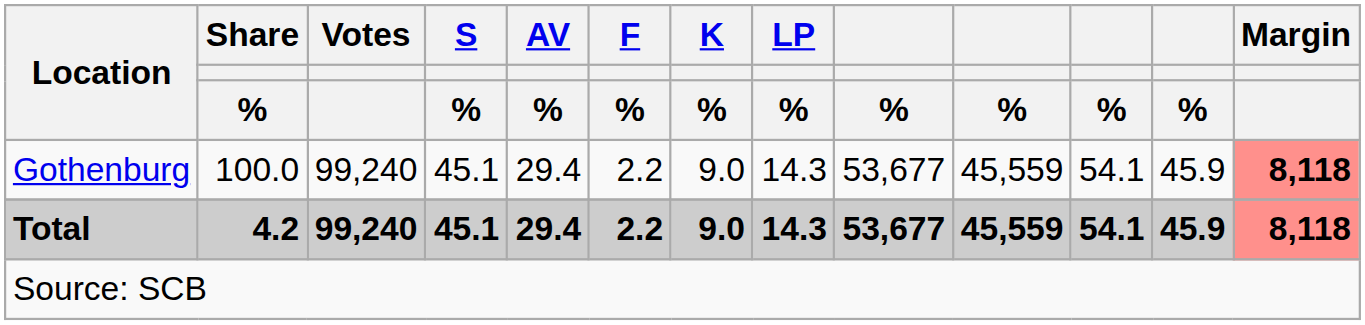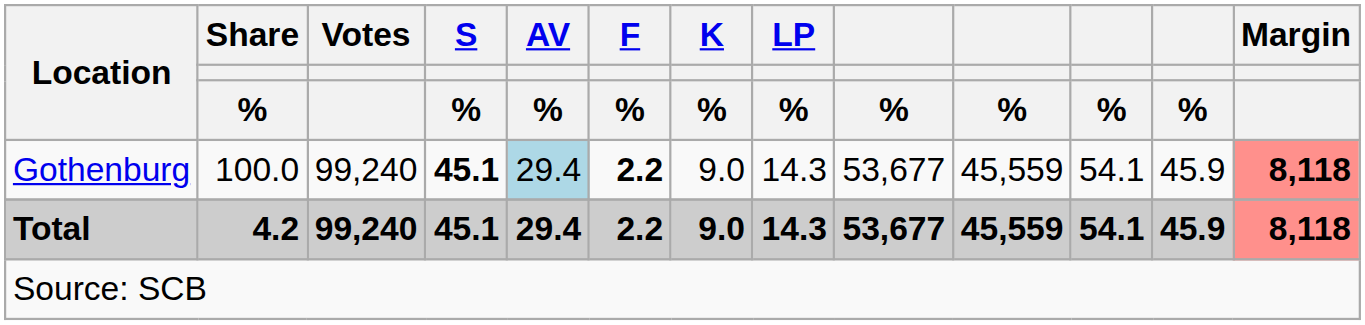 <table class="wikitable sortable" style="text-align:right; font-size:95%; line-height:20px;">
 <tr>
 <th rowspan="3">Location</th>
 <th>Share</th>
 <th>Votes</th>
 <th width="30px" class="unsortable"><a href='#'>S</a></th>
 <th width="30px" class="unsortable"><a href='#'>AV</a></th>
 <th width="30px" class="unsortable"><a href='#'>F</a></th>
 <th width="30px" class="unsortable"><a href='#'>K</a></th>
 <th width="30px" class="unsortable"><a href='#'>LP</a></th>
 <th></th>
 <th></th>
 <th></th>
 <th></th>
 <th>Margin</th>
 </tr>
 <tr>
 <th></th>
 <th></th>
 <th style="background:"></th>
 <th style="background:"></th>
 <th style="background:"></th>
 <th style="background:"></th>
 <th style="background:"></th>
 <th style="background:"></th>
 <th style="background:"></th>
 <th style="background:"></th>
 <th style="background:"></th>
 <th></th>
 </tr>
 <tr>
 <th data-sort-type="number">%</th>
 <th></th>
 <th data-sort-type="number">%</th>
 <th data-sort-type="number">%</th>
 <th data-sort-type="number">%</th>
 <th data-sort-type="number">%</th>
 <th data-sort-type="number">%</th>
 <th data-sort-type="number">%</th>
 <th data-sort-type="number">%</th>
 <th data-sort-type="number">%</th>
 <th data-sort-type="number">%</th>
 <th></th>
 </tr>
 <tr>
 <td align=left><a href='#'>Gothenburg</a></td>
 <td>100.0</td>
 <td>99,240</td>
-<td>45.1</td>
-<td>29.4</td>
-<td>2.2</td>
+<td><strong>45.1</strong></td>
+<td style="background: lightblue;">29.4</td>
+<td><strong>2.2</strong></td>
 <td>9.0</td>
 <td>14.3</td>
 <td>53,677</td>
 <td>45,559</td>
 <td>54.1</td>
 <td>45.9</td>
 <td bgcolor=#ff908c><strong>8,118</strong></td>
 </tr>
 <tr>
 </tr>
 <tr style="background:#CDCDCD;">
 <td align=left><strong>Total</strong></td>
 <td><strong>4.2</strong></td>
 <td><strong>99,240</strong></td>
 <td><strong>45.1</strong></td>
 <td><strong>29.4</strong></td>
 <td><strong>2.2</strong></td>
 <td><strong>9.0</strong></td>
 <td><strong>14.3</strong></td>
 <td><strong>53,677</strong></td>
 <td><strong>45,559</strong></td>
 <td><strong>54.1</strong></td>
 <td><strong>45.9</strong></td>
 <td bgcolor=#ff908c><strong>8,118</strong></td>
 </tr>
 <tr>
 <td align=left colspan=13>Source: SCB </td>
 </tr>
 </table>
